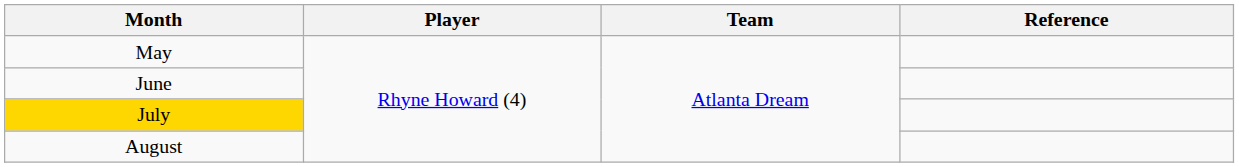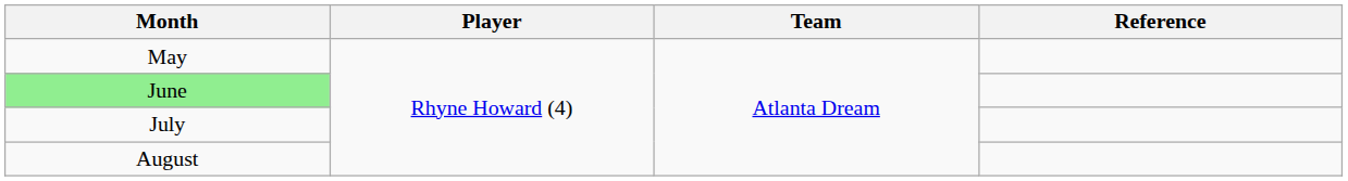 <table class="wikitable" style="width: 50%; text-align:center;">
 <tr>
 <th width=60>Month</th>
 <th width=60>Player</th>
 <th width=60>Team</th>
 <th width=20>Reference</th>
 </tr>
 <tr>
 <td>May</td>
 <td rowspan="4"><a href='#'>Rhyne Howard</a> (4)</td>
 <td rowspan="4"><a href='#'>Atlanta Dream</a></td>
 <td></td>
 </tr>
 <tr>
-<td>June</td>
+<td style="background: lightgreen;">June</td>
 <td></td>
 </tr>
 <tr>
-<td style="background: gold;">July</td>
+<td>July</td>
 <td></td>
 </tr>
 <tr>
 <td>August</td>
 <td></td>
 </tr>
 </table>
